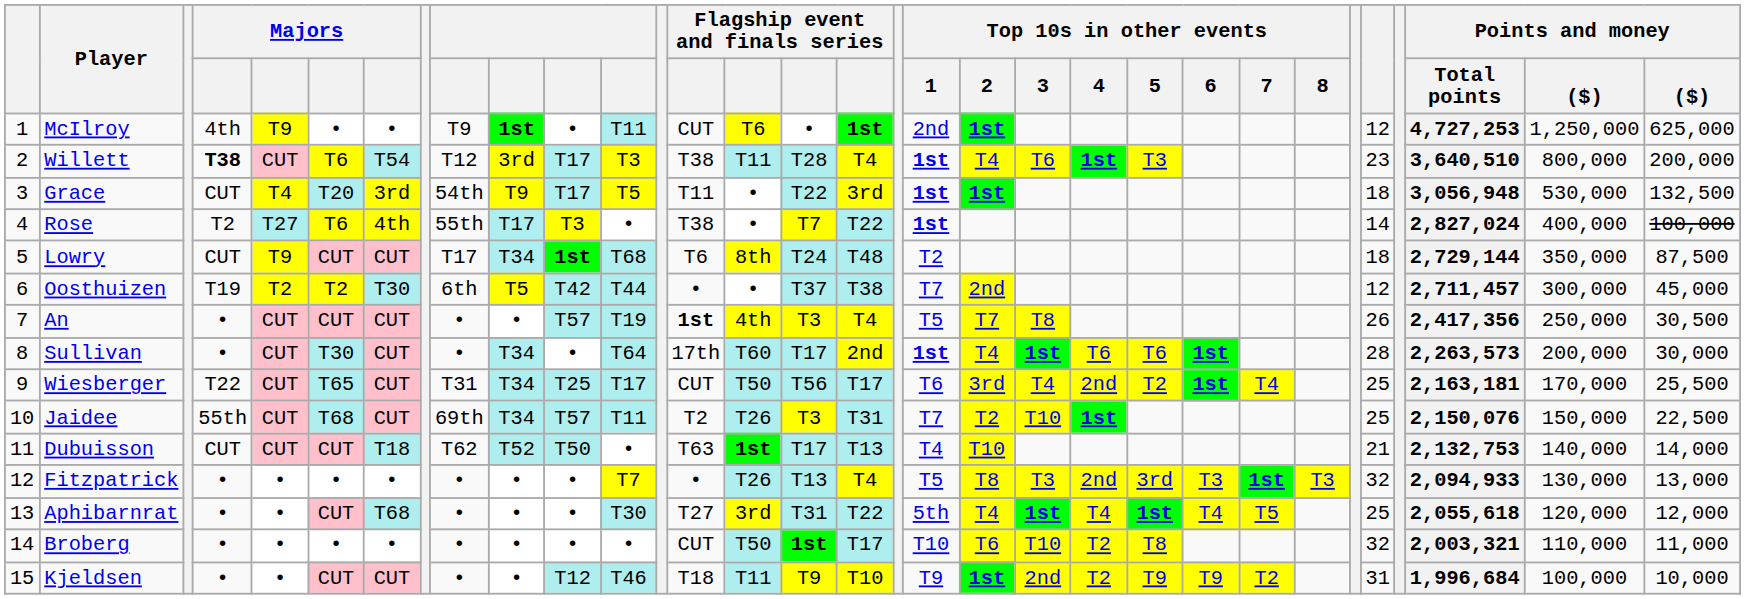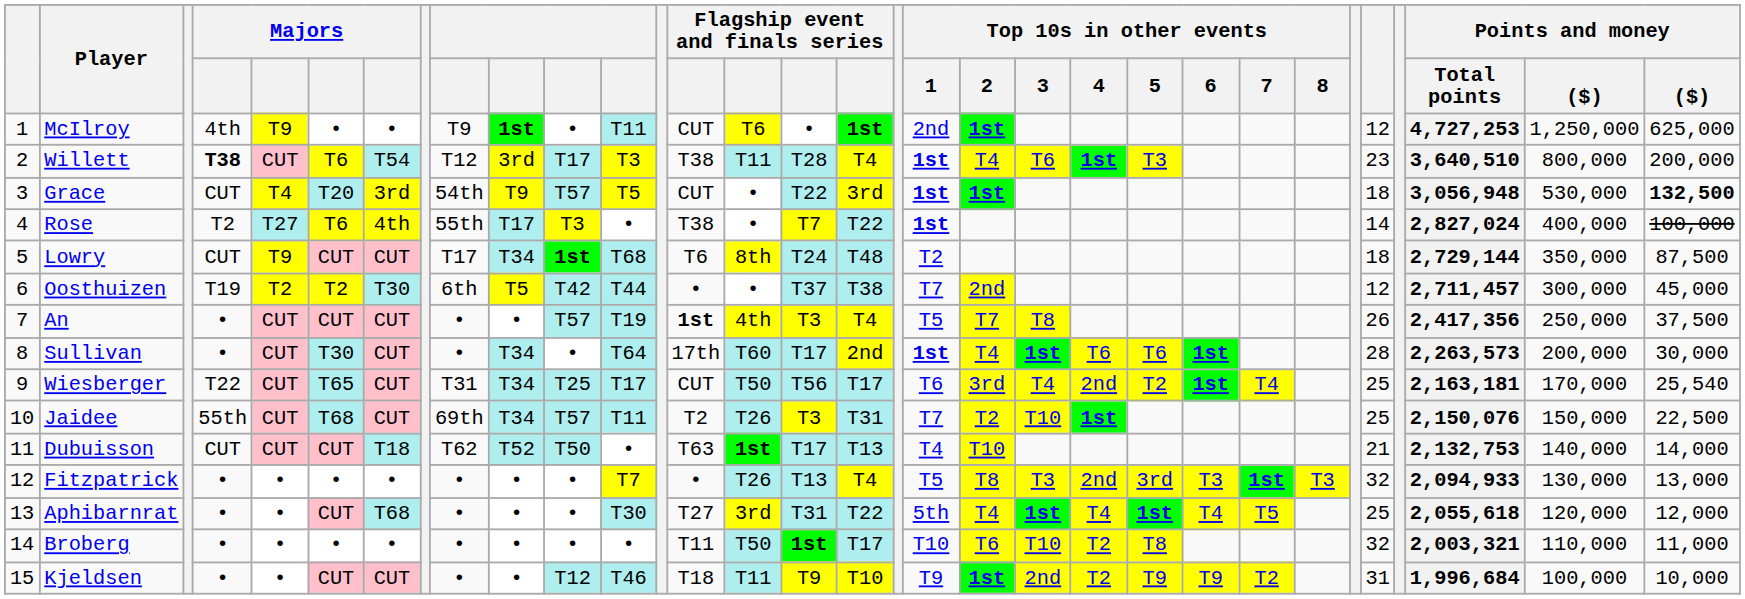 <table class=wikitable style=font-size:85%;text-align:center>
 <tr>
 <th rowspan=2></th>
 <th rowspan="2";>Player</th>
 <th rowspan="32"></th>
 <th colspan=4><a href='#'>Majors</a></th>
 <th rowspan="32"></th>
 <th colspan=4></th>
 <th rowspan="32"></th>
 <th colspan=4>Flagship event and  finals series</th>
 <th rowspan="32"></th>
 <th colspan="8">Top 10s in other  events</th>
 <th rowspan="32"></th>
 <th rowspan=2></th>
 <th rowspan="32"></th>
 <th colspan=3>Points and money</th>
 </tr>
 <tr>
 <th style="width:25px;"></th>
 <th style="width:25px;"></th>
 <th style="width:25px;"></th>
 <th style="width:25px;"></th>
 <th style="width:25px;"></th>
 <th style="width:25px;"></th>
 <th style="width:25px;"></th>
 <th style="width:25px;"></th>
 <th style="width:25px;"></th>
 <th style="width:25px;"></th>
 <th style="width:25px;"></th>
 <th style="width:25px;"></th>
 <th style="width:25px;">1</th>
 <th style="width:25px;">2</th>
 <th style="width:25px;">3</th>
 <th style="width:25px;">4</th>
 <th style="width:25px;">5</th>
 <th style="width:25px;">6</th>
 <th style="width:25px;">7</th>
 <th style="width:25px;">8</th>
 <th style=“width:25px;”>Total<br>points</th>
 <th style=“width:25px;”><br>($)</th>
 <th style=“width:25px;”><br>($)</th>
 </tr>
 <tr>
 <td>1</td>
 <td align="left"> <a href='#'>McIlroy</a></td>
 <td>4th</td>
 <td bgcolor="yellow">T9</td>
 <td style="background:white">•</td>
 <td style="background:white">•</td>
 <td>T9</td>
 <td bgcolor="lime"><strong>1st</strong></td>
 <td style="background:white">•</td>
 <td bgcolor="afeeee">T11</td>
 <td>CUT</td>
 <td bgcolor="yellow">T6</td>
 <td style="background:white">•</td>
 <td bgcolor="lime"><strong>1st</strong></td>
 <td><a href='#'>2nd</a></td>
 <td bgcolor="lime"><a href='#'><strong>1st</strong></a></td>
 <td bgcolor=""></td>
 <td bgcolor=""></td>
 <td bgcolor=""></td>
 <td bgcolor=""></td>
 <td bgcolor=""></td>
 <td bgcolor=""></td>
 <td>12</td>
 <th>4,727,253</th>
 <td>1,250,000</td>
 <td>625,000</td>
 </tr>
 <tr>
 <td>2</td>
 <td align="left"> <a href='#'>Willett</a></td>
 <td><strong>T38</strong></td>
 <td bgcolor="pink">CUT</td>
 <td bgcolor="yellow">T6</td>
 <td bgcolor="afeeee">T54</td>
 <td>T12</td>
 <td bgcolor="yellow">3rd</td>
 <td bgcolor="afeeee">T17</td>
 <td bgcolor="yellow">T3</td>
 <td>T38</td>
 <td bgcolor="afeeee">T11</td>
 <td bgcolor="afeeee">T28</td>
 <td bgcolor="yellow">T4</td>
 <td><a href='#'><strong>1st</strong></a></td>
 <td bgcolor="yellow"><a href='#'>T4</a></td>
 <td bgcolor="yellow"><a href='#'>T6</a></td>
 <td bgcolor="lime"><a href='#'><strong>1st</strong></a></td>
 <td bgcolor="yellow"><a href='#'>T3</a></td>
 <td bgcolor=""></td>
 <td bgcolor=""></td>
 <td bgcolor=""></td>
 <td>23</td>
 <th>3,640,510</th>
 <td>800,000</td>
 <td>200,000</td>
 </tr>
 <tr>
 <td>3</td>
 <td align="left"> <a href='#'>Grace</a></td>
 <td>CUT</td>
 <td bgcolor="yellow">T4</td>
 <td bgcolor="afeeee">T20</td>
 <td bgcolor="yellow">3rd</td>
 <td>54th</td>
 <td bgcolor="yellow">T9</td>
-<td bgcolor="afeeee">T17</td>
+<td bgcolor="afeeee">T57</td>
 <td bgcolor="yellow">T5</td>
-<td>T11</td>
+<td>CUT</td>
 <td style="background:white">•</td>
 <td bgcolor="afeeee">T22</td>
 <td bgcolor="yellow">3rd</td>
 <td><a href='#'><strong>1st</strong></a></td>
 <td bgcolor="lime"><a href='#'><strong>1st</strong></a></td>
 <td bgcolor=""></td>
 <td bgcolor=""></td>
 <td bgcolor=""></td>
 <td bgcolor=""></td>
 <td bgcolor=""></td>
 <td bgcolor=""></td>
 <td>18</td>
 <th>3,056,948</th>
 <td>530,000</td>
-<td>132,500</td>
+<td><strong>132,500</strong></td>
 </tr>
 <tr>
 <td>4</td>
 <td align="left"> <a href='#'>Rose</a></td>
 <td>T2</td>
 <td bgcolor="afeeee">T27</td>
 <td bgcolor="yellow">T6</td>
 <td bgcolor="yellow">4th</td>
 <td>55th</td>
 <td bgcolor="afeeee">T17</td>
 <td bgcolor="yellow">T3</td>
 <td style="background:white">•</td>
 <td>T38</td>
 <td style="background:white">•</td>
 <td bgcolor="yellow">T7</td>
 <td bgcolor="afeeee">T22</td>
 <td><a href='#'><strong>1st</strong></a></td>
 <td bgcolor=""></td>
 <td bgcolor=""></td>
 <td bgcolor=""></td>
 <td bgcolor=""></td>
 <td bgcolor=""></td>
 <td bgcolor=""></td>
 <td bgcolor=""></td>
 <td>14</td>
 <th>2,827,024</th>
 <td>400,000</td>
 <td><s>100,000</s></td>
 </tr>
 <tr>
 <td>5</td>
 <td align="left"> <a href='#'>Lowry</a></td>
 <td>CUT</td>
 <td bgcolor="yellow">T9</td>
 <td bgcolor="pink">CUT</td>
 <td bgcolor="pink">CUT</td>
 <td>T17</td>
 <td bgcolor="afeeee">T34</td>
 <td bgcolor="lime"><strong>1st</strong></td>
 <td bgcolor="afeeee">T68</td>
 <td>T6</td>
 <td bgcolor="yellow">8th</td>
 <td bgcolor="afeeee">T24</td>
 <td bgcolor="afeeee">T48</td>
 <td><a href='#'>T2</a></td>
 <td bgcolor=""></td>
 <td bgcolor=""></td>
 <td bgcolor=""></td>
 <td bgcolor=""></td>
 <td bgcolor=""></td>
 <td bgcolor=""></td>
 <td bgcolor=""></td>
 <td>18</td>
 <th>2,729,144</th>
 <td>350,000</td>
 <td>87,500</td>
 </tr>
 <tr>
 <td>6</td>
 <td align="left"> <a href='#'>Oosthuizen</a></td>
 <td>T19</td>
 <td bgcolor="yellow">T2</td>
 <td bgcolor="yellow">T2</td>
 <td bgcolor="afeeee">T30</td>
 <td>6th</td>
 <td bgcolor="yellow">T5</td>
 <td bgcolor="afeeee">T42</td>
 <td bgcolor="afeeee">T44</td>
 <td>•</td>
 <td style="background:white">•</td>
 <td bgcolor="afeeee">T37</td>
 <td bgcolor="afeeee">T38</td>
 <td><a href='#'>T7</a></td>
 <td bgcolor="yellow"><a href='#'>2nd</a></td>
 <td bgcolor=""></td>
 <td bgcolor=""></td>
 <td bgcolor=""></td>
 <td bgcolor=""></td>
 <td bgcolor=""></td>
 <td bgcolor=""></td>
 <td>12</td>
 <th>2,711,457</th>
 <td>300,000</td>
 <td>45,000</td>
 </tr>
 <tr>
 <td>7</td>
 <td align="left"> <a href='#'>An</a></td>
 <td>•</td>
 <td bgcolor="pink">CUT</td>
 <td bgcolor="pink">CUT</td>
 <td bgcolor="pink">CUT</td>
 <td>•</td>
 <td style="background:white">•</td>
 <td bgcolor="afeeee">T57</td>
 <td bgcolor="afeeee">T19</td>
 <td><strong>1st</strong></td>
 <td bgcolor="yellow">4th</td>
 <td bgcolor="yellow">T3</td>
 <td bgcolor="yellow">T4</td>
 <td><a href='#'>T5</a></td>
 <td bgcolor="yellow"><a href='#'>T7</a></td>
 <td bgcolor="yellow"><a href='#'>T8</a></td>
 <td bgcolor=""></td>
 <td bgcolor=""></td>
 <td bgcolor=""></td>
 <td bgcolor=""></td>
 <td bgcolor=""></td>
 <td>26</td>
 <th>2,417,356</th>
 <td>250,000</td>
-<td>30,500</td>
+<td>37,500</td>
 </tr>
 <tr>
 <td>8</td>
 <td align="left"> <a href='#'>Sullivan</a></td>
 <td>•</td>
 <td bgcolor="pink">CUT</td>
 <td bgcolor="afeeee">T30</td>
 <td bgcolor="pink">CUT</td>
 <td>•</td>
 <td bgcolor="afeeee">T34</td>
 <td style="background:white">•</td>
 <td bgcolor="afeeee">T64</td>
 <td>17th</td>
 <td bgcolor="afeeee">T60</td>
 <td bgcolor="afeeee">T17</td>
 <td bgcolor="yellow">2nd</td>
 <td><a href='#'><strong>1st</strong></a></td>
 <td bgcolor="yellow"><a href='#'>T4</a></td>
 <td bgcolor="lime"><a href='#'><strong>1st</strong></a></td>
 <td bgcolor="yellow"><a href='#'>T6</a></td>
 <td bgcolor="yellow"><a href='#'>T6</a></td>
 <td bgcolor="lime"><a href='#'><strong>1st</strong></a></td>
 <td bgcolor=""></td>
 <td bgcolor=""></td>
 <td>28</td>
 <th>2,263,573</th>
 <td>200,000</td>
 <td>30,000</td>
 </tr>
 <tr>
 <td>9</td>
 <td align="left"> <a href='#'>Wiesberger</a></td>
 <td>T22</td>
 <td bgcolor="pink">CUT</td>
 <td bgcolor="afeeee">T65</td>
 <td bgcolor="pink">CUT</td>
 <td>T31</td>
 <td bgcolor="afeeee">T34</td>
 <td bgcolor="afeeee">T25</td>
 <td bgcolor="afeeee">T17</td>
 <td>CUT</td>
 <td bgcolor="afeeee">T50</td>
 <td bgcolor="afeeee">T56</td>
 <td bgcolor="afeeee">T17</td>
 <td><a href='#'>T6</a></td>
 <td bgcolor="yellow"><a href='#'>3rd</a></td>
 <td bgcolor="yellow"><a href='#'>T4</a></td>
 <td bgcolor="yellow"><a href='#'>2nd</a></td>
 <td bgcolor="yellow"><a href='#'>T2</a></td>
 <td bgcolor="lime"><a href='#'><strong>1st</strong></a></td>
 <td bgcolor="yellow"><a href='#'>T4</a></td>
 <td bgcolor=""></td>
 <td>25</td>
 <th>2,163,181</th>
 <td>170,000</td>
-<td>25,500</td>
+<td>25,540</td>
 </tr>
 <tr>
 <td>10</td>
 <td align="left"> <a href='#'>Jaidee</a></td>
 <td>55th</td>
 <td bgcolor="pink">CUT</td>
 <td bgcolor="afeeee">T68</td>
 <td bgcolor="pink">CUT</td>
 <td>69th</td>
 <td bgcolor="afeeee">T34</td>
 <td bgcolor="afeeee">T57</td>
 <td bgcolor="afeeee">T11</td>
 <td>T2</td>
 <td bgcolor="afeeee">T26</td>
 <td bgcolor="yellow">T3</td>
 <td bgcolor="afeeee">T31</td>
 <td><a href='#'>T7</a></td>
 <td bgcolor="yellow"><a href='#'>T2</a></td>
 <td bgcolor="yellow"><a href='#'>T10</a></td>
 <td bgcolor="lime"><a href='#'><strong>1st</strong></a></td>
 <td bgcolor=""></td>
 <td bgcolor=""></td>
 <td bgcolor=""></td>
 <td bgcolor=""></td>
 <td>25</td>
 <th>2,150,076</th>
 <td>150,000</td>
 <td>22,500</td>
 </tr>
 <tr>
 <td>11</td>
 <td align="left"> <a href='#'>Dubuisson</a></td>
 <td>CUT</td>
 <td bgcolor="pink">CUT</td>
 <td bgcolor="pink">CUT</td>
 <td bgcolor="afeeee">T18</td>
 <td>T62</td>
 <td bgcolor="afeeee">T52</td>
 <td bgcolor="afeeee">T50</td>
 <td style="background:white">•</td>
 <td>T63</td>
 <td bgcolor="lime"><strong>1st</strong></td>
 <td bgcolor="afeeee">T17</td>
 <td bgcolor="afeeee">T13</td>
 <td><a href='#'>T4</a></td>
 <td bgcolor="yellow"><a href='#'>T10</a></td>
 <td bgcolor=""></td>
 <td bgcolor=""></td>
 <td bgcolor=""></td>
 <td bgcolor=""></td>
 <td bgcolor=""></td>
 <td bgcolor=""></td>
 <td>21</td>
 <th>2,132,753</th>
 <td>140,000</td>
 <td>14,000</td>
 </tr>
 <tr>
 <td>12</td>
 <td align="left"> <a href='#'>Fitzpatrick</a></td>
 <td>•</td>
 <td style="background:white">•</td>
 <td style="background:white">•</td>
 <td style="background:white">•</td>
 <td>•</td>
 <td style="background:white">•</td>
 <td style="background:white">•</td>
 <td bgcolor="yellow">T7</td>
 <td>•</td>
 <td bgcolor="afeeee">T26</td>
 <td bgcolor="afeeee">T13</td>
 <td bgcolor="yellow">T4</td>
 <td><a href='#'>T5</a></td>
 <td bgcolor="yellow"><a href='#'>T8</a></td>
 <td bgcolor="yellow"><a href='#'>T3</a></td>
 <td bgcolor="yellow"><a href='#'>2nd</a></td>
 <td bgcolor="yellow"><a href='#'>3rd</a></td>
 <td bgcolor="yellow"><a href='#'>T3</a></td>
 <td bgcolor="lime"><a href='#'><strong>1st</strong></a></td>
 <td bgcolor="yellow"><a href='#'>T3</a></td>
 <td>32</td>
 <th>2,094,933</th>
 <td>130,000</td>
 <td>13,000</td>
 </tr>
 <tr>
 <td>13</td>
 <td align="left"> <a href='#'>Aphibarnrat</a></td>
 <td>•</td>
 <td style="background:white">•</td>
 <td bgcolor="pink">CUT</td>
 <td bgcolor="afeeee">T68</td>
 <td>•</td>
 <td style="background:white">•</td>
 <td style="background:white">•</td>
 <td bgcolor="afeeee">T30</td>
 <td>T27</td>
 <td bgcolor="yellow">3rd</td>
 <td bgcolor="afeeee">T31</td>
 <td bgcolor="afeeee">T22</td>
 <td><a href='#'>5th</a></td>
 <td bgcolor="yellow"><a href='#'>T4</a></td>
 <td bgcolor="lime"><a href='#'><strong>1st</strong></a></td>
 <td bgcolor="yellow"><a href='#'>T4</a></td>
 <td bgcolor="lime"><a href='#'><strong>1st</strong></a></td>
 <td bgcolor="yellow"><a href='#'>T4</a></td>
 <td bgcolor="yellow"><a href='#'>T5</a></td>
 <td bgcolor=""></td>
 <td>25</td>
 <th>2,055,618</th>
 <td>120,000</td>
 <td>12,000</td>
 </tr>
 <tr>
 <td>14</td>
 <td align="left"> <a href='#'>Broberg</a></td>
 <td>•</td>
 <td style="background:white">•</td>
 <td style="background:white">•</td>
 <td style="background:white">•</td>
 <td>•</td>
 <td style="background:white">•</td>
 <td style="background:white">•</td>
 <td style="background:white">•</td>
-<td>CUT</td>
+<td>T11</td>
 <td bgcolor="afeeee">T50</td>
 <td bgcolor="lime"><strong>1st</strong></td>
 <td bgcolor="afeeee">T17</td>
 <td><a href='#'>T10</a></td>
 <td bgcolor="yellow"><a href='#'>T6</a></td>
 <td bgcolor="yellow"><a href='#'>T10</a></td>
 <td bgcolor="yellow"><a href='#'>T2</a></td>
 <td bgcolor="yellow"><a href='#'>T8</a></td>
 <td bgcolor=""></td>
 <td bgcolor=""></td>
 <td bgcolor=""></td>
 <td>32</td>
 <th>2,003,321</th>
 <td>110,000</td>
 <td>11,000</td>
 </tr>
 <tr>
 <td>15</td>
 <td align="left"> <a href='#'>Kjeldsen</a></td>
 <td>•</td>
 <td style="background:white">•</td>
 <td bgcolor="pink">CUT</td>
 <td bgcolor="pink">CUT</td>
 <td>•</td>
 <td style="background:white">•</td>
 <td bgcolor="afeeee">T12</td>
 <td bgcolor="afeeee">T46</td>
 <td>T18</td>
 <td bgcolor="afeeee">T11</td>
 <td bgcolor="yellow">T9</td>
 <td bgcolor="yellow">T10</td>
 <td><a href='#'>T9</a></td>
 <td bgcolor="lime"><a href='#'><strong>1st</strong></a></td>
 <td bgcolor="yellow"><a href='#'>2nd</a></td>
 <td bgcolor="yellow"><a href='#'>T2</a></td>
 <td bgcolor="yellow"><a href='#'>T9</a></td>
 <td bgcolor="yellow"><a href='#'>T9</a></td>
 <td bgcolor="yellow"><a href='#'>T2</a></td>
 <td bgcolor=""></td>
 <td>31</td>
 <th>1,996,684</th>
 <td>100,000</td>
 <td>10,000</td>
 </tr>
 </table>
